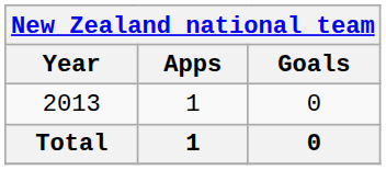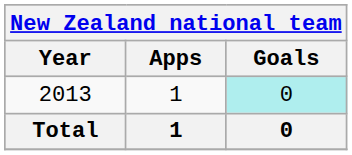 <table class="wikitable" style="text-align:center">
 <tr>
 <th colspan=3><a href='#'>New Zealand national team</a></th>
 </tr>
 <tr>
 <th>Year</th>
 <th>Apps</th>
 <th>Goals</th>
 </tr>
 <tr>
 <td>2013</td>
 <td>1</td>
-<td>0</td>
+<td style="background: paleturquoise;">0</td>
 </tr>
 <tr>
 <th>Total</th>
 <th>1</th>
 <th>0</th>
 </tr>
 <tr>
 </tr>
 </table>
